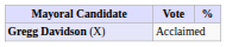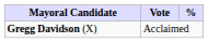 <table class="wikitable">
 <tr>
 <th style="background:#ddf; width:200px;">Mayoral Candidate</th>
 <th style="background:#ddf; width:50px;">Vote</th>
 <th style="background:#ddf; width:30px;">%</th>
 </tr>
 <tr>
-<td style="background: lavender;"><strong>Gregg Davidson</strong> (X)</td>
+<td><strong>Gregg Davidson</strong> (X)</td>
 <td colspan="2">Acclaimed</td>
 </tr>
 </table>
